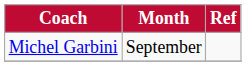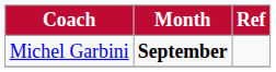 <table class=wikitable>
 <tr>
 <th style="background-color:#BF0A34; color:#FFFFFF">Coach</th>
 <th style="background-color:#BF0A34; color:#FFFFFF">Month</th>
 <th style="background-color:#BF0A34; color:#FFFFFF">Ref</th>
 </tr>
 <tr>
 <td> <a href='#'>Michel Garbini</a></td>
-<td>September</td>
+<td><strong>September</strong></td>
 <td align=center></td>
 </tr>
 <tr>
 </tr>
 </table>
